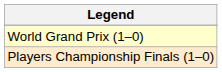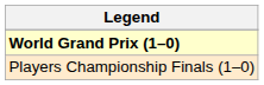 <table class="wikitable">
 <tr>
 <th>Legend</th>
 </tr>
 <tr style="background:#e5d1cb;">
 </tr>
 <tr style="background:#FFFFCC;">
-<td>World Grand Prix (1–0)</td>
+<td><strong>World Grand Prix (1–0)</strong></td>
 </tr>
 <tr style="background:#ffebcd;">
 <td>Players Championship Finals (1–0)</td>
 </tr>
 </table>
